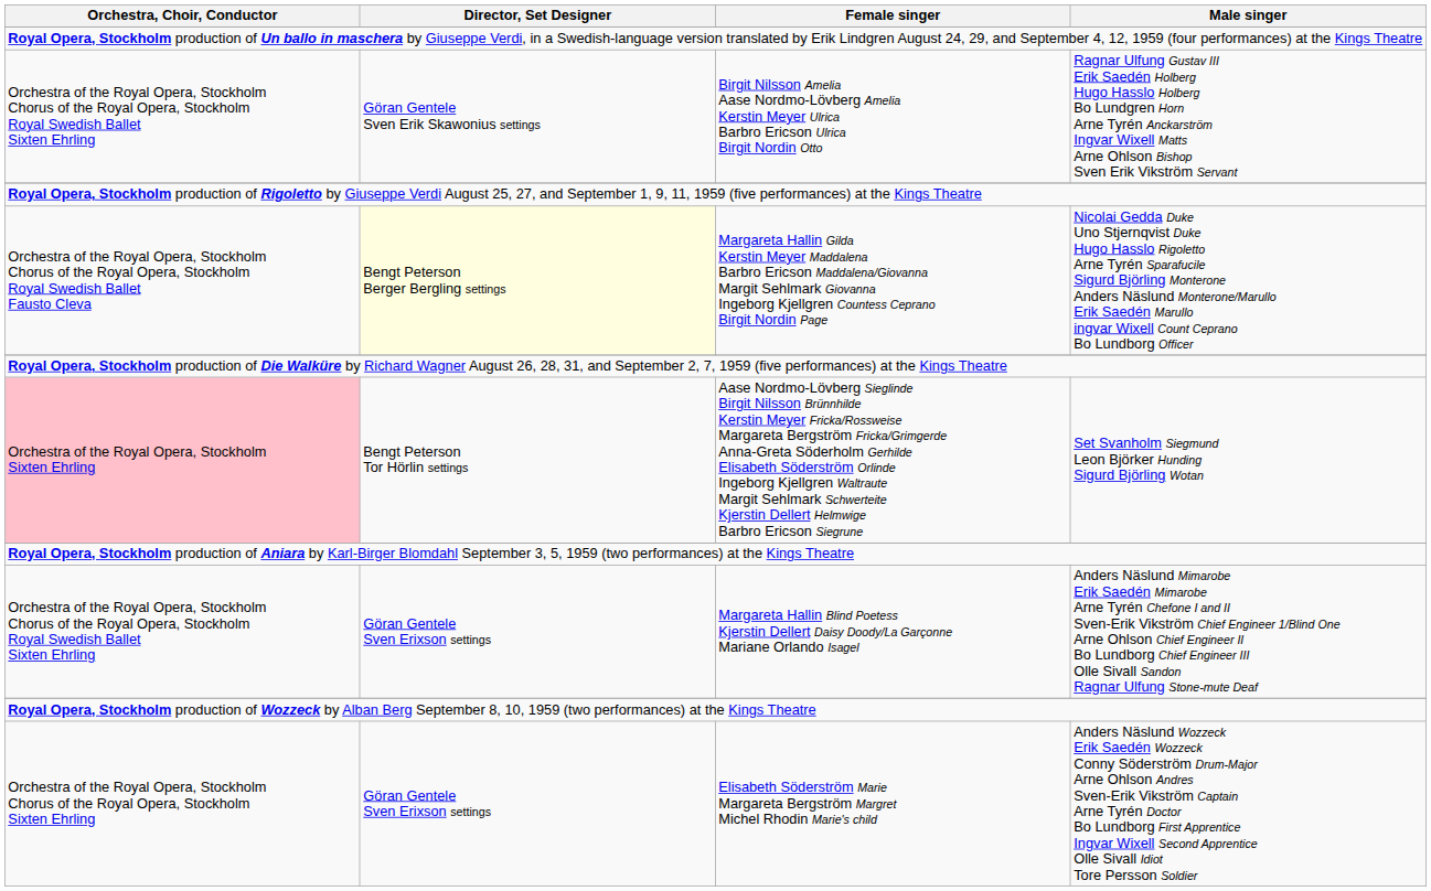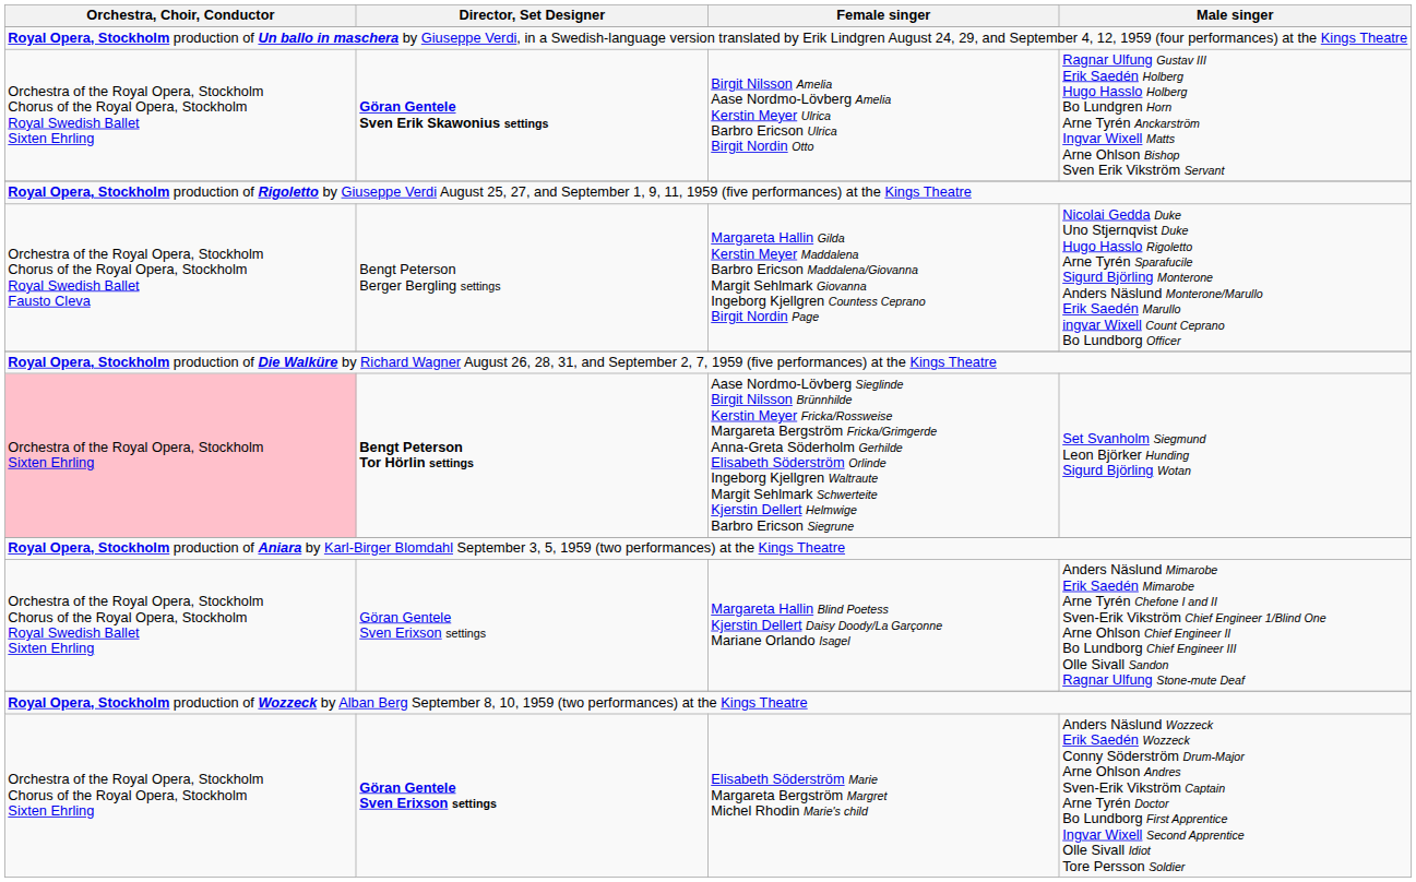 <table class="wikitable toptextcells">
 <tr class="hintergrundfarbe5">
 <th style="width:25%;">Orchestra, Choir, Conductor</th>
 <th style="width:25%;">Director, Set Designer</th>
 <th style="width:25%;">Female singer</th>
 <th style="width:25%;">Male singer</th>
 </tr>
 <tr>
 </tr>
 <tr class="hintergrundfarbe8">
 <td colspan="9"><strong><a href='#'>Royal Opera, Stockholm</a></strong> production of <strong><em><a href='#'>Un ballo in maschera</a></em></strong> by <a href='#'>Giuseppe Verdi</a>, in a Swedish-language version translated by Erik Lindgren August 24, 29, and September 4, 12,  1959 (four performances) at the <a href='#'>Kings Theatre</a></td>
 </tr>
 <tr>
 <td>Orchestra of the Royal Opera, Stockholm<br>Chorus of the Royal Opera, Stockholm<br><a href='#'>Royal Swedish Ballet</a><br><a href='#'>Sixten Ehrling</a></td>
-<td><a href='#'>Göran Gentele</a><br>Sven Erik Skawonius <small>settings</small></td>
+<td><strong><a href='#'>Göran Gentele</a><br>Sven Erik Skawonius <small>settings</small></strong></td>
 <td><a href='#'>Birgit Nilsson</a> <small><em>Amelia</em></small><br>Aase Nordmo-Lövberg <small><em>Amelia</em></small><br><a href='#'>Kerstin Meyer</a> <small><em>Ulrica</em></small><br>Barbro Ericson <small><em>Ulrica</em></small><br><a href='#'>Birgit Nordin</a> <small><em>Otto</em></small></td>
 <td><a href='#'>Ragnar Ulfung</a> <small><em>Gustav III</em></small><br><a href='#'>Erik Saedén</a> <small><em>Holberg</em></small><br><a href='#'>Hugo Hasslo</a> <small><em>Holberg</em></small><br>Bo Lundgren <small><em>Horn</em></small><br>Arne Tyrén <small><em>Anckarström</em></small><br><a href='#'>Ingvar Wixell</a> <small><em>Matts</em></small><br>Arne Ohlson <small><em>Bishop</em></small><br>Sven Erik Vikström <small><em>Servant</em></small></td>
 </tr>
 <tr>
 </tr>
 <tr class="hintergrundfarbe8">
 <td colspan="9"><strong><a href='#'>Royal Opera, Stockholm</a></strong> production of <strong><em><a href='#'>Rigoletto</a></em></strong> by <a href='#'>Giuseppe Verdi</a> August 25, 27, and September 1, 9, 11, 1959 (five performances) at the <a href='#'>Kings Theatre</a></td>
 </tr>
 <tr>
 <td>Orchestra of the Royal Opera, Stockholm<br>Chorus of the Royal Opera, Stockholm<br><a href='#'>Royal Swedish Ballet</a><br><a href='#'>Fausto Cleva</a></td>
-<td style="background: lightyellow;">Bengt Peterson<br>Berger Bergling <small>settings</small></td>
+<td>Bengt Peterson<br>Berger Bergling <small>settings</small></td>
 <td><a href='#'>Margareta Hallin</a> <small><em>Gilda</em></small><br><a href='#'>Kerstin Meyer</a> <small><em>Maddalena</em></small><br>Barbro Ericson <small><em>Maddalena/Giovanna</em></small><br>Margit Sehlmark <small><em>Giovanna</em></small><br>Ingeborg Kjellgren <small><em>Countess Ceprano</em></small><br><a href='#'>Birgit Nordin</a> <small><em>Page</em></small></td>
 <td><a href='#'>Nicolai Gedda</a> <small><em>Duke</em></small><br>Uno Stjernqvist <small><em>Duke</em></small><br><a href='#'>Hugo Hasslo</a> <small><em>Rigoletto</em></small><br>Arne Tyrén <small><em>Sparafucile</em></small><br><a href='#'>Sigurd Björling</a> <small><em>Monterone</em></small><br>Anders Näslund <small><em>Monterone/Marullo</em></small><br><a href='#'>Erik Saedén</a> <small><em>Marullo</em></small><br><a href='#'>ingvar Wixell</a> <small><em>Count Ceprano</em></small><br>Bo Lundborg <small><em>Officer</em></small></td>
 </tr>
 <tr>
 </tr>
 <tr class="hintergrundfarbe8">
 <td colspan="9"><strong><a href='#'>Royal Opera, Stockholm</a></strong> production of <strong><em><a href='#'>Die Walküre</a></em></strong> by <a href='#'>Richard Wagner</a> August 26, 28, 31, and September 2, 7, 1959 (five performances) at the <a href='#'>Kings Theatre</a></td>
 </tr>
 <tr>
 <td style="background: pink;">Orchestra of the Royal Opera, Stockholm<br><a href='#'>Sixten Ehrling</a></td>
-<td>Bengt Peterson<br>Tor Hörlin <small>settings</small></td>
+<td><strong>Bengt Peterson<br>Tor Hörlin <small>settings</small></strong></td>
 <td>Aase Nordmo-Lövberg <small><em>Sieglinde</em></small><br><a href='#'>Birgit Nilsson</a> <small><em>Brünnhilde</em></small><br><a href='#'>Kerstin Meyer</a> <small><em>Fricka/Rossweise</em></small><br>Margareta Bergström <small><em>Fricka/Grimgerde</em></small><br>Anna-Greta Söderholm <small><em>Gerhilde</em></small><br><a href='#'>Elisabeth Söderström</a> <small><em>Orlinde</em></small><br>Ingeborg Kjellgren <small><em>Waltraute</em></small><br>Margit Sehlmark <small><em>Schwerteite</em></small><br><a href='#'>Kjerstin Dellert</a> <small><em>Helmwige</em></small><br>Barbro Ericson <small><em>Siegrune</em></small></td>
 <td><a href='#'>Set Svanholm</a> <small><em>Siegmund</em></small><br>Leon Björker <small><em>Hunding</em></small><br><a href='#'>Sigurd Björling</a> <small><em>Wotan</em></small></td>
 </tr>
 <tr>
 </tr>
 <tr class="hintergrundfarbe8">
 <td colspan="9"><strong><a href='#'>Royal Opera, Stockholm</a></strong> production of <strong><em><a href='#'>Aniara</a></em></strong> by <a href='#'>Karl-Birger Blomdahl</a> September 3, 5, 1959 (two performances) at the <a href='#'>Kings Theatre</a></td>
 </tr>
 <tr>
 <td>Orchestra of the Royal Opera, Stockholm<br>Chorus of the Royal Opera, Stockholm<br><a href='#'>Royal Swedish Ballet</a><br><a href='#'>Sixten Ehrling</a></td>
 <td><a href='#'>Göran Gentele</a><br><a href='#'>Sven Erixson</a> <small>settings</small></td>
 <td><a href='#'>Margareta Hallin</a> <small><em>Blind Poetess</em></small><br><a href='#'>Kjerstin Dellert</a> <small><em>Daisy Doody/La Garçonne</em></small><br>Mariane Orlando <small><em>Isagel</em></small></td>
 <td>Anders Näslund <small><em>Mimarobe</em></small><br><a href='#'>Erik Saedén</a> <small><em>Mimarobe</em></small><br>Arne Tyrén <small><em>Chefone I and II</em></small><br>Sven-Erik Vikström <small><em>Chief Engineer 1/Blind One</em></small><br>Arne Ohlson <small><em>Chief Engineer II</em></small><br>Bo Lundborg <small><em>Chief Engineer III</em></small><br>Olle Sivall <small><em>Sandon</em></small><br><a href='#'>Ragnar Ulfung</a> <small><em>Stone-mute Deaf</em></small></td>
 </tr>
 <tr>
 </tr>
 <tr class="hintergrundfarbe8">
 <td colspan="9"><strong><a href='#'>Royal Opera, Stockholm</a></strong> production of <strong><em><a href='#'>Wozzeck</a></em></strong> by <a href='#'>Alban Berg</a> September 8, 10, 1959 (two performances) at the <a href='#'>Kings Theatre</a></td>
 </tr>
 <tr>
 <td>Orchestra of the Royal Opera, Stockholm<br>Chorus of the Royal Opera, Stockholm<br><a href='#'>Sixten Ehrling</a></td>
-<td><a href='#'>Göran Gentele</a><br><a href='#'>Sven Erixson</a> <small>settings</small></td>
+<td><strong><a href='#'>Göran Gentele</a><br><a href='#'>Sven Erixson</a> <small>settings</small></strong></td>
 <td><a href='#'>Elisabeth Söderström</a> <small><em>Marie</em></small><br>Margareta Bergström <small><em>Margret</em></small><br>Michel Rhodin <small><em>Marie's child</em></small></td>
 <td>Anders Näslund <small><em>Wozzeck</em></small><br><a href='#'>Erik Saedén</a> <small><em>Wozzeck</em></small><br>Conny Söderström <small><em>Drum-Major</em></small><br>Arne Ohlson <small><em>Andres</em></small><br>Sven-Erik Vikström <small><em>Captain</em></small><br>Arne Tyrén <small><em>Doctor</em></small><br>Bo Lundborg <small><em>First Apprentice</em></small><br><a href='#'>Ingvar Wixell</a> <small><em>Second Apprentice</em></small><br>Olle Sivall <small><em>Idiot</em></small><br>Tore Persson <small><em>Soldier</em></small></td>
 </tr>
 </table>
